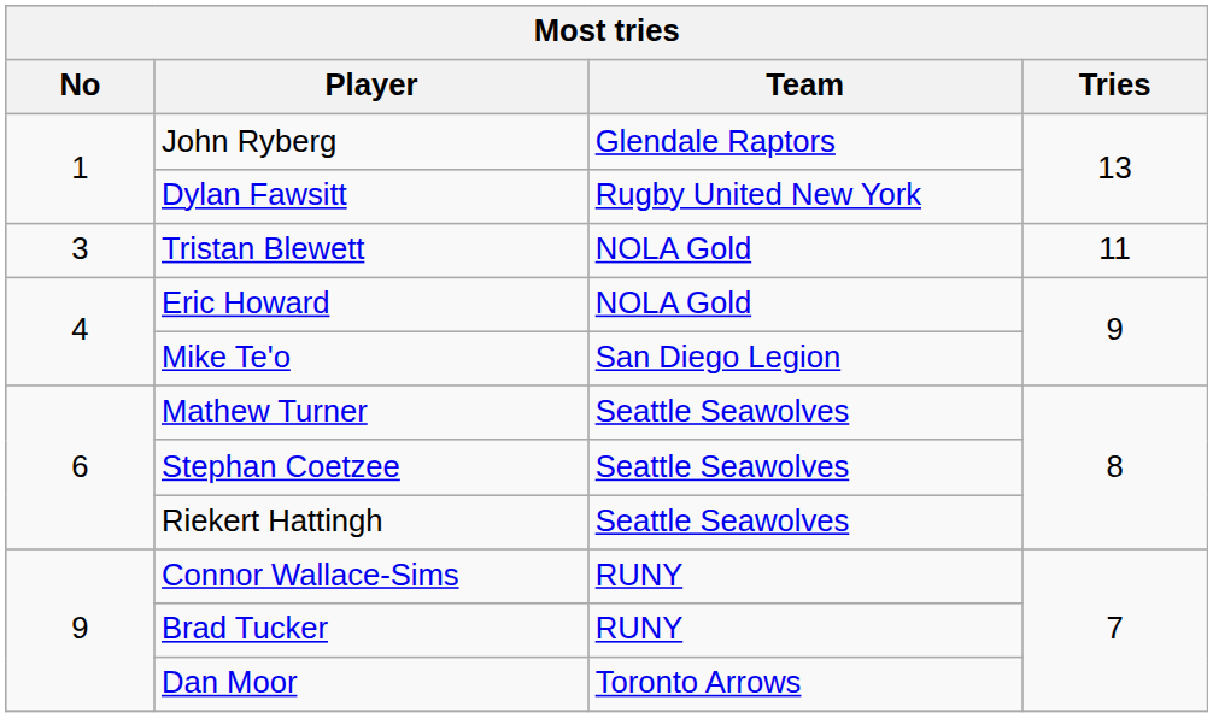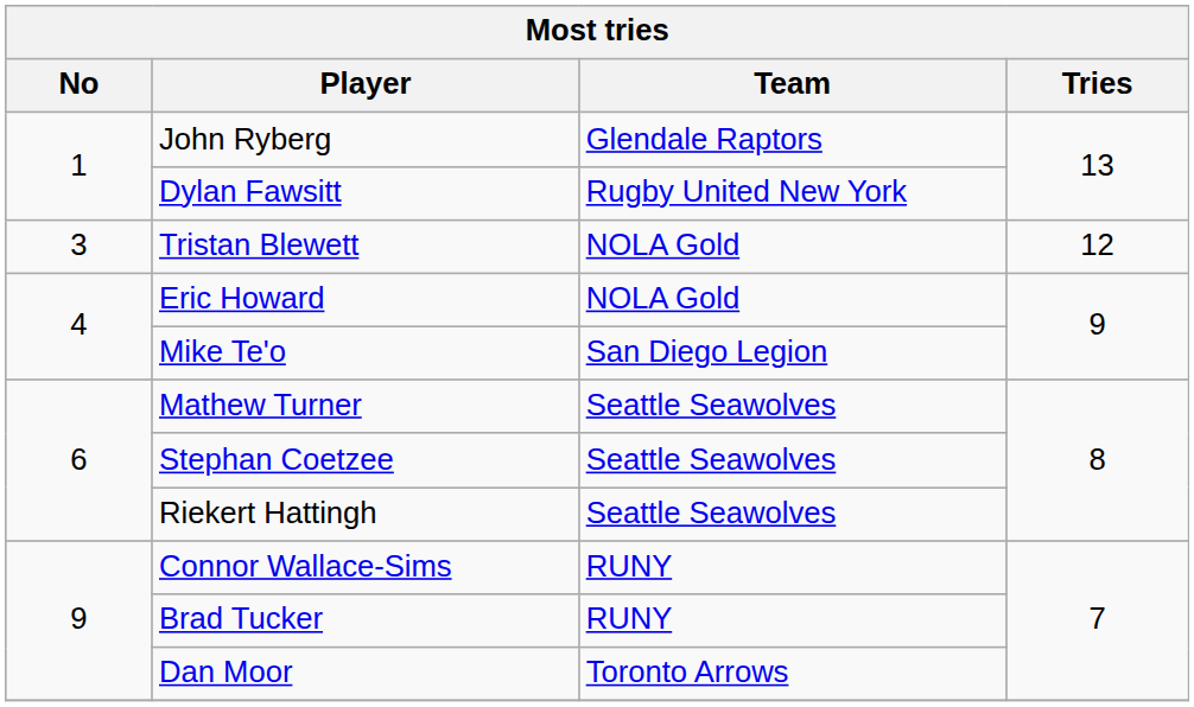 <table class="wikitable collapsible sortable" style="text-align:left; line-height:130%; font-size:100%; width:100%;">
 <tr>
 <th colspan="100%">Most tries</th>
 </tr>
 <tr>
 <th style="width:12%;">No</th>
 <th style="width:35%;">Player</th>
 <th style="width:35%;">Team</th>
 <th style="width:15%;">Tries<br></th>
 </tr>
 <tr>
 <td rowspan=2 style="text-align:center;">1</td>
 <td> John Ryberg</td>
 <td><a href='#'>Glendale Raptors</a></td>
 <td rowspan=2 style="text-align:center;">13</td>
 </tr>
 <tr>
 <td> <a href='#'>Dylan Fawsitt</a></td>
 <td><a href='#'>Rugby United New York</a></td>
 </tr>
 <tr>
 <td style="text-align:center;">3</td>
 <td> <a href='#'>Tristan Blewett</a></td>
 <td><a href='#'>NOLA Gold</a></td>
-<td style="text-align:center;">11</td>
+<td style="text-align:center;">12</td>
 </tr>
 <tr>
 <td rowspan=2 style="text-align:center;">4</td>
 <td> <a href='#'>Eric Howard</a></td>
 <td><a href='#'>NOLA Gold</a></td>
 <td rowspan=2 style="text-align:center;">9</td>
 </tr>
 <tr>
 <td> <a href='#'>Mike Te'o</a></td>
 <td><a href='#'>San Diego Legion</a></td>
 </tr>
 <tr>
 <td rowspan=3 style="text-align:center;">6</td>
 <td> <a href='#'>Mathew Turner</a></td>
 <td><a href='#'>Seattle Seawolves</a></td>
 <td rowspan=3 style="text-align:center;">8</td>
 </tr>
 <tr>
 <td> <a href='#'>Stephan Coetzee</a></td>
 <td><a href='#'>Seattle Seawolves</a></td>
 </tr>
 <tr>
 <td> Riekert Hattingh</td>
 <td><a href='#'>Seattle Seawolves</a></td>
 </tr>
 <tr>
 <td rowspan=3 style="text-align:center;">9</td>
 <td> <a href='#'>Connor Wallace-Sims</a></td>
 <td><a href='#'>RUNY</a></td>
 <td rowspan=3 style="text-align:center;">7</td>
 </tr>
 <tr>
 <td> <a href='#'>Brad Tucker</a></td>
 <td><a href='#'>RUNY</a></td>
 </tr>
 <tr>
 <td> <a href='#'>Dan Moor</a></td>
 <td><a href='#'>Toronto Arrows</a></td>
 </tr>
 <tr>
 </tr>
 </table>
